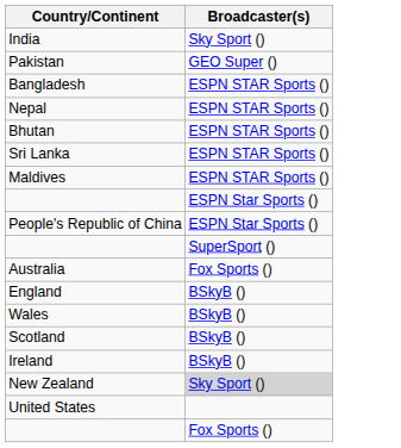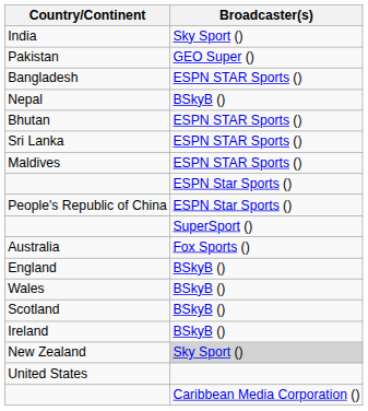 <table class="wikitable">
 <tr>
 <th>Country/Continent</th>
 <th>Broadcaster(s)</th>
 </tr>
 <tr>
 <td>India</td>
 <td><a href='#'>Sky Sport</a> ()</td>
 </tr>
 <tr>
 <td>Pakistan</td>
 <td><a href='#'>GEO Super</a> ()</td>
 </tr>
 <tr>
 <td>Bangladesh</td>
 <td><a href='#'>ESPN STAR Sports</a> ()</td>
 </tr>
 <tr>
 <td>Nepal</td>
-<td><a href='#'>ESPN STAR Sports</a> ()</td>
+<td><a href='#'>BSkyB</a> ()</td>
 </tr>
 <tr>
 <td>Bhutan</td>
 <td><a href='#'>ESPN STAR Sports</a> ()</td>
 </tr>
 <tr>
 <td>Sri Lanka</td>
 <td><a href='#'>ESPN STAR Sports</a> ()</td>
 </tr>
 <tr>
 <td>Maldives</td>
 <td><a href='#'>ESPN STAR Sports</a> ()</td>
 </tr>
 <tr>
 <td></td>
 <td><a href='#'>ESPN Star Sports</a> ()</td>
 </tr>
 <tr>
 <td>People's Republic of China</td>
 <td><a href='#'>ESPN Star Sports</a> ()</td>
 </tr>
 <tr>
 <td></td>
 <td><a href='#'>SuperSport</a> ()</td>
 </tr>
 <tr>
 <td>Australia</td>
 <td><a href='#'>Fox Sports</a> ()</td>
 </tr>
 <tr>
 <td>England</td>
 <td><a href='#'>BSkyB</a> ()</td>
 </tr>
 <tr>
 <td>Wales</td>
 <td><a href='#'>BSkyB</a> ()</td>
 </tr>
 <tr>
 <td>Scotland</td>
 <td><a href='#'>BSkyB</a> ()</td>
 </tr>
 <tr>
 <td>Ireland</td>
 <td><a href='#'>BSkyB</a> ()</td>
 </tr>
 <tr>
 <td>New Zealand</td>
 <td style="background: lightgrey;"><a href='#'>Sky Sport</a> ()</td>
 </tr>
 <tr>
 <td>United States</td>
 <td></td>
 </tr>
 <tr>
 <td></td>
-<td><a href='#'>Fox Sports</a> ()</td>
+<td><a href='#'>Caribbean Media Corporation</a> ()</td>
 </tr>
 </table>
